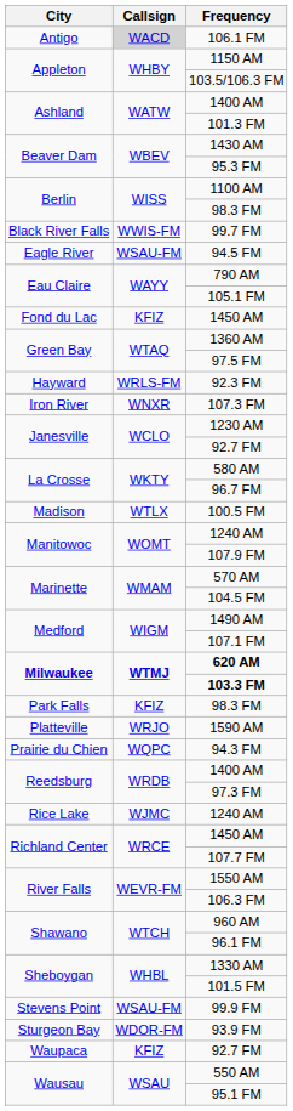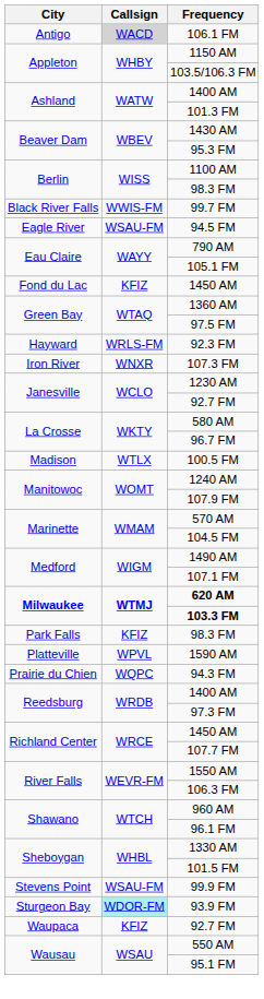 <table class="wikitable" style="text-align: center;">
 <tr>
 <th>City</th>
 <th>Callsign</th>
 <th>Frequency</th>
 </tr>
 <tr>
 <td><a href='#'>Antigo</a></td>
 <td style="background: lightgrey;"><a href='#'>WACD</a></td>
 <td>106.1 FM</td>
 </tr>
 <tr>
 <td rowspan=2><a href='#'>Appleton</a></td>
 <td rowspan=2><a href='#'>WHBY</a></td>
 <td>1150 AM</td>
 </tr>
 <tr>
 <td>103.5/106.3 FM</td>
 </tr>
 <tr>
 <td rowspan=2><a href='#'>Ashland</a></td>
 <td rowspan=2><a href='#'>WATW</a></td>
 <td>1400 AM</td>
 </tr>
 <tr>
 <td>101.3 FM</td>
 </tr>
 <tr>
 <td rowspan=2><a href='#'>Beaver Dam</a></td>
 <td rowspan=2><a href='#'>WBEV</a></td>
 <td>1430 AM</td>
 </tr>
 <tr>
 <td>95.3 FM</td>
 </tr>
 <tr>
 <td rowspan=2><a href='#'>Berlin</a></td>
 <td rowspan=2><a href='#'>WISS</a></td>
 <td>1100 AM</td>
 </tr>
 <tr>
 <td>98.3 FM</td>
 </tr>
 <tr>
 <td><a href='#'>Black River Falls</a></td>
 <td><a href='#'>WWIS-FM</a></td>
 <td>99.7 FM</td>
 </tr>
 <tr>
 <td><a href='#'>Eagle River</a></td>
 <td><a href='#'>WSAU-FM</a></td>
 <td>94.5 FM</td>
 </tr>
 <tr>
 <td rowspan=2><a href='#'>Eau Claire</a></td>
 <td rowspan=2><a href='#'>WAYY</a></td>
 <td>790 AM</td>
 </tr>
 <tr>
 <td>105.1 FM</td>
 </tr>
 <tr>
 <td><a href='#'>Fond du Lac</a></td>
 <td><a href='#'>KFIZ</a></td>
 <td>1450 AM</td>
 </tr>
 <tr>
 <td rowspan=2><a href='#'>Green Bay</a></td>
 <td rowspan=2><a href='#'>WTAQ</a></td>
 <td>1360 AM</td>
 </tr>
 <tr>
 <td>97.5 FM</td>
 </tr>
 <tr>
 <td><a href='#'>Hayward</a></td>
 <td><a href='#'>WRLS-FM</a></td>
 <td>92.3 FM</td>
 </tr>
 <tr>
 <td><a href='#'>Iron River</a></td>
 <td><a href='#'>WNXR</a></td>
 <td>107.3 FM</td>
 </tr>
 <tr>
 <td rowspan=2><a href='#'>Janesville</a></td>
 <td rowspan=2><a href='#'>WCLO</a></td>
 <td>1230 AM</td>
 </tr>
 <tr>
 <td>92.7 FM</td>
 </tr>
 <tr>
 <td rowspan=2><a href='#'>La Crosse</a></td>
 <td rowspan=2><a href='#'>WKTY</a></td>
 <td>580 AM</td>
 </tr>
 <tr>
 <td>96.7 FM</td>
 </tr>
 <tr>
 <td><a href='#'>Madison</a></td>
 <td><a href='#'>WTLX</a></td>
 <td>100.5 FM</td>
 </tr>
 <tr>
 <td rowspan=2><a href='#'>Manitowoc</a></td>
 <td rowspan=2><a href='#'>WOMT</a></td>
 <td>1240 AM</td>
 </tr>
 <tr>
 <td>107.9 FM</td>
 </tr>
 <tr>
 <td rowspan=2><a href='#'>Marinette</a></td>
 <td rowspan=2><a href='#'>WMAM</a></td>
 <td>570 AM</td>
 </tr>
 <tr>
 <td>104.5 FM</td>
 </tr>
 <tr>
 <td rowspan=2><a href='#'>Medford</a></td>
 <td rowspan=2><a href='#'>WIGM</a></td>
 <td>1490 AM</td>
 </tr>
 <tr>
 <td>107.1 FM</td>
 </tr>
 <tr>
 <td rowspan=2><strong><a href='#'>Milwaukee</a></strong></td>
 <td rowspan=2><strong><a href='#'>WTMJ</a></strong></td>
 <td><strong>620 AM</strong></td>
 </tr>
 <tr>
 <td><strong>103.3 FM</strong></td>
 </tr>
 <tr>
 <td><a href='#'>Park Falls</a></td>
 <td><a href='#'>KFIZ</a></td>
 <td>98.3 FM</td>
 </tr>
 <tr>
 <td><a href='#'>Platteville</a></td>
-<td><a href='#'>WRJO</a></td>
+<td><a href='#'>WPVL</a></td>
 <td>1590 AM</td>
 </tr>
 <tr>
 <td><a href='#'>Prairie du Chien</a></td>
 <td><a href='#'>WQPC</a></td>
 <td>94.3 FM</td>
 </tr>
 <tr>
 <td rowspan=2><a href='#'>Reedsburg</a></td>
 <td rowspan=2><a href='#'>WRDB</a></td>
 <td>1400 AM</td>
 </tr>
 <tr>
 <td>97.3 FM</td>
-</tr>
-<tr>
-<td><a href='#'>Rice Lake</a></td>
-<td><a href='#'>WJMC</a></td>
-<td>1240 AM</td>
 </tr>
 <tr>
 <td rowspan=2><a href='#'>Richland Center</a></td>
 <td rowspan=2><a href='#'>WRCE</a></td>
 <td>1450 AM</td>
 </tr>
 <tr>
 <td>107.7 FM</td>
 </tr>
 <tr>
 <td rowspan=2><a href='#'>River Falls</a></td>
 <td rowspan=2><a href='#'>WEVR-FM</a></td>
 <td>1550 AM</td>
 </tr>
 <tr>
 <td>106.3 FM</td>
 </tr>
 <tr>
 <td rowspan=2><a href='#'>Shawano</a></td>
 <td rowspan=2><a href='#'>WTCH</a></td>
 <td>960 AM</td>
 </tr>
 <tr>
 <td>96.1 FM</td>
 </tr>
 <tr>
 <td rowspan=2><a href='#'>Sheboygan</a></td>
 <td rowspan=2><a href='#'>WHBL</a></td>
 <td>1330 AM</td>
 </tr>
 <tr>
 <td>101.5 FM</td>
 </tr>
 <tr>
 <td><a href='#'>Stevens Point</a></td>
 <td><a href='#'>WSAU-FM</a></td>
 <td>99.9 FM</td>
 </tr>
 <tr>
 <td><a href='#'>Sturgeon Bay</a></td>
-<td><a href='#'>WDOR-FM</a></td>
+<td style="background: paleturquoise;"><a href='#'>WDOR-FM</a></td>
 <td>93.9 FM</td>
 </tr>
 <tr>
 <td><a href='#'>Waupaca</a></td>
 <td><a href='#'>KFIZ</a></td>
 <td>92.7 FM</td>
 </tr>
 <tr>
 <td rowspan=2><a href='#'>Wausau</a></td>
 <td rowspan=2><a href='#'>WSAU</a></td>
 <td>550 AM</td>
 </tr>
 <tr>
 <td>95.1 FM</td>
 </tr>
 </table>
